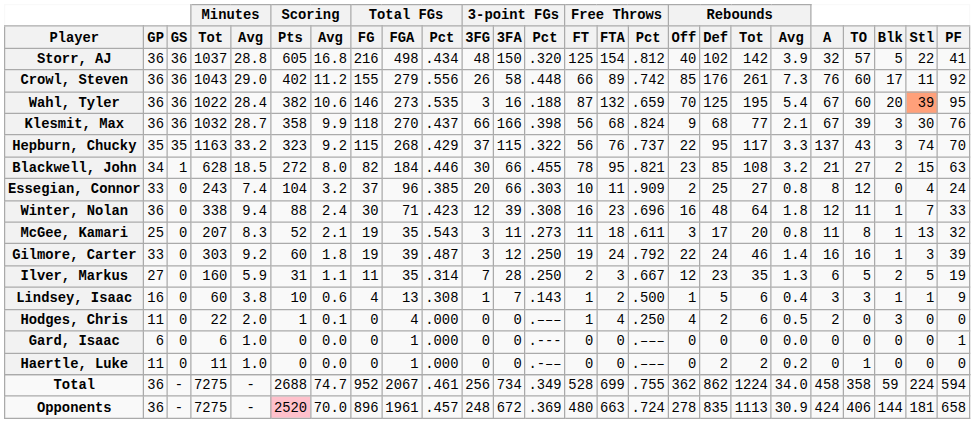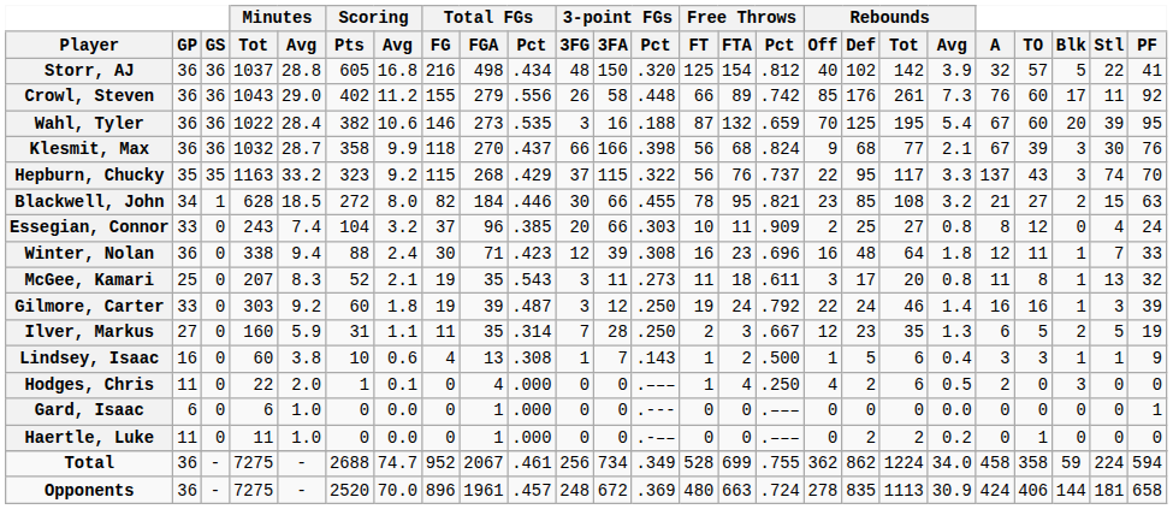 <table class="wikitable sortable" border="1" style="font-size:85%;">
 <tr>
 <th colspan="3" style="border-top-style:hidden; border-left-style:hidden; background: white;"></th>
 <th colspan="2" style=>Minutes</th>
 <th colspan="2" style=>Scoring</th>
 <th colspan="3" style=>Total FGs</th>
 <th colspan="3" style=>3-point FGs</th>
 <th colspan="3" style=>Free Throws</th>
 <th colspan="4" style=>Rebounds</th>
 <th colspan="5" style="border-top-style:hidden; border-right-style:hidden; background: white;"></th>
 </tr>
 <tr>
 <th scope="col" style=>Player</th>
 <th scope="col" style=>GP</th>
 <th scope="col" style=>GS</th>
 <th scope="col" style=>Tot</th>
 <th scope="col" style=>Avg</th>
 <th scope="col" style=>Pts</th>
 <th scope="col" style=>Avg</th>
 <th scope="col" style=>FG</th>
 <th scope="col" style=>FGA</th>
 <th scope="col" style=>Pct</th>
 <th scope="col" style=>3FG</th>
 <th scope="col" style=>3FA</th>
 <th scope="col" style=>Pct</th>
 <th scope="col" style=>FT</th>
 <th scope="col" style=>FTA</th>
 <th scope="col" style=>Pct</th>
 <th scope="col" style=>Off</th>
 <th scope="col" style=>Def</th>
 <th scope="col" style=>Tot</th>
 <th scope="col" style=>Avg</th>
 <th scope="col" style=>A</th>
 <th scope="col" style=>TO</th>
 <th scope="col" style=>Blk</th>
 <th scope="col" style=>Stl</th>
 <th scope="col" style=>PF</th>
 </tr>
 <tr>
 <th style=white-space:nowrap>Storr, AJ</th>
 <td align="right" style=>36</td>
 <td align="right" style=>36</td>
 <td align="right">1037</td>
 <td align="right">28.8</td>
 <td align="right" style=>605</td>
 <td align="right" style=>16.8</td>
 <td align="right" style=>216</td>
 <td align="right" style=>498</td>
 <td align="right">.434</td>
 <td align="right">48</td>
 <td align="right">150</td>
 <td align="right">.320</td>
 <td align="right" style=>125</td>
 <td align="right" style=>154</td>
 <td align="right">.812</td>
 <td align="right">40</td>
 <td align="right">102</td>
 <td align="right">142</td>
 <td align="right">3.9</td>
 <td align="right">32</td>
 <td align="right">57</td>
 <td align="right">5</td>
 <td align="right">22</td>
 <td align="right">41</td>
 </tr>
 <tr>
 <th style=white-space:nowrap>Crowl, Steven</th>
 <td align="right" style=>36</td>
 <td align="right" style=>36</td>
 <td align="right">1043</td>
 <td align="right">29.0</td>
 <td align="right">402</td>
 <td align="right">11.2</td>
 <td align="right">155</td>
 <td align="right">279</td>
 <td align="right" style=>.556</td>
 <td align="right">26</td>
 <td align="right">58</td>
 <td align="right">.448</td>
 <td align="right">66</td>
 <td align="right">89</td>
 <td align="right">.742</td>
 <td align="right" style=>85</td>
 <td align="right" style=>176</td>
 <td align="right" style=>261</td>
 <td align="right" style=>7.3</td>
 <td align="right">76</td>
 <td align="right" style=>60</td>
 <td align="right">17</td>
 <td align="right">11</td>
 <td align="right">92</td>
 </tr>
 <tr>
 <th style=white-space:nowrap>Wahl, Tyler</th>
 <td align="right" style=>36</td>
 <td align="right" style=>36</td>
 <td align="right">1022</td>
 <td align="right">28.4</td>
 <td align="right">382</td>
 <td align="right">10.6</td>
 <td align="right">146</td>
 <td align="right">273</td>
 <td align="right">.535</td>
 <td align="right">3</td>
 <td align="right">16</td>
 <td align="right">.188</td>
 <td align="right">87</td>
 <td align="right">132</td>
 <td align="right">.659</td>
 <td align="right">70</td>
 <td align="right">125</td>
 <td align="right">195</td>
 <td align="right">5.4</td>
 <td align="right">67</td>
 <td align="right" style=>60</td>
 <td align="right" style=>20</td>
-<td align="right" style="background: lightsalmon;">39</td>
+<td align="right">39</td>
 <td align="right" style=>95</td>
 </tr>
 <tr>
 <th style=white-space:nowrap>Klesmit, Max</th>
 <td align="right" style=>36</td>
 <td align="right" style=>36</td>
 <td align="right">1032</td>
 <td align="right">28.7</td>
 <td align="right">358</td>
 <td align="right">9.9</td>
 <td align="right">118</td>
 <td align="right">270</td>
 <td align="right">.437</td>
 <td align="right" style=>66</td>
 <td align="right" style=>166</td>
 <td align="right">.398</td>
 <td align="right">56</td>
 <td align="right">68</td>
 <td align="right">.824</td>
 <td align="right">9</td>
 <td align="right">68</td>
 <td align="right">77</td>
 <td align="right">2.1</td>
 <td align="right">67</td>
 <td align="right">39</td>
 <td align="right">3</td>
 <td align="right">30</td>
 <td align="right">76</td>
 </tr>
 <tr>
 <th style=white-space:nowrap>Hepburn, Chucky</th>
 <td align="right">35</td>
 <td align="right">35</td>
 <td align="right" style=>1163</td>
 <td align="right" style=>33.2</td>
 <td align="right">323</td>
 <td align="right">9.2</td>
 <td align="right">115</td>
 <td align="right">268</td>
 <td align="right">.429</td>
 <td align="right">37</td>
 <td align="right">115</td>
 <td align="right">.322</td>
 <td align="right">56</td>
 <td align="right">76</td>
 <td align="right">.737</td>
 <td align="right">22</td>
 <td align="right">95</td>
 <td align="right">117</td>
 <td align="right">3.3</td>
 <td align="right" style=>137</td>
 <td align="right">43</td>
 <td align="right">3</td>
 <td align="right" style=>74</td>
 <td align="right">70</td>
 </tr>
 <tr>
 <th style=white-space:nowrap>Blackwell, John</th>
 <td align="right">34</td>
 <td align="right">1</td>
 <td align="right">628</td>
 <td align="right">18.5</td>
 <td align="right">272</td>
 <td align="right">8.0</td>
 <td align="right">82</td>
 <td align="right">184</td>
 <td align="right">.446</td>
 <td align="right">30</td>
 <td align="right">66</td>
 <td align="right" style=>.455</td>
 <td align="right">78</td>
 <td align="right">95</td>
 <td align="right">.821</td>
 <td align="right">23</td>
 <td align="right">85</td>
 <td align="right">108</td>
 <td align="right">3.2</td>
 <td align="right">21</td>
 <td align="right">27</td>
 <td align="right">2</td>
 <td align="right">15</td>
 <td align="right">63</td>
 </tr>
 <tr>
 <th style=white-space:nowrap>Essegian, Connor</th>
 <td align="right">33</td>
 <td align="right">0</td>
 <td align="right">243</td>
 <td align="right">7.4</td>
 <td align="right">104</td>
 <td align="right">3.2</td>
 <td align="right">37</td>
 <td align="right">96</td>
 <td align="right">.385</td>
 <td align="right">20</td>
 <td align="right">66</td>
 <td align="right">.303</td>
 <td align="right">10</td>
 <td align="right">11</td>
 <td align="right" style=>.909</td>
 <td align="right">2</td>
 <td align="right">25</td>
 <td align="right">27</td>
 <td align="right">0.8</td>
 <td align="right">8</td>
 <td align="right">12</td>
 <td align="right">0</td>
 <td align="right">4</td>
 <td align="right">24</td>
 </tr>
 <tr>
 <th style=white-space:nowrap>Winter, Nolan</th>
 <td align="right" style=>36</td>
 <td align="right">0</td>
 <td align="right">338</td>
 <td align="right">9.4</td>
 <td align="right">88</td>
 <td align="right">2.4</td>
 <td align="right">30</td>
 <td align="right">71</td>
 <td align="right">.423</td>
 <td align="right">12</td>
 <td align="right">39</td>
 <td align="right">.308</td>
 <td align="right">16</td>
 <td align="right">23</td>
 <td align="right">.696</td>
 <td align="right">16</td>
 <td align="right">48</td>
 <td align="right">64</td>
 <td align="right">1.8</td>
 <td align="right">12</td>
 <td align="right">11</td>
 <td align="right">1</td>
 <td align="right">7</td>
 <td align="right">33</td>
 </tr>
 <tr>
 <th style=white-space:nowrap>McGee, Kamari</th>
 <td align="right">25</td>
 <td align="right">0</td>
 <td align="right">207</td>
 <td align="right">8.3</td>
 <td align="right">52</td>
 <td align="right">2.1</td>
 <td align="right">19</td>
 <td align="right">35</td>
 <td align="right">.543</td>
 <td align="right">3</td>
 <td align="right">11</td>
 <td align="right">.273</td>
 <td align="right">11</td>
 <td align="right">18</td>
 <td align="right">.611</td>
 <td align="right">3</td>
 <td align="right">17</td>
 <td align="right">20</td>
 <td align="right">0.8</td>
 <td align="right">11</td>
 <td align="right">8</td>
 <td align="right">1</td>
 <td align="right">13</td>
 <td align="right">32</td>
 </tr>
 <tr>
 <th style=white-space:nowrap>Gilmore, Carter</th>
 <td align="right">33</td>
 <td align="right">0</td>
 <td align="right">303</td>
 <td align="right">9.2</td>
 <td align="right">60</td>
 <td align="right">1.8</td>
 <td align="right">19</td>
 <td align="right">39</td>
 <td align="right">.487</td>
 <td align="right">3</td>
 <td align="right">12</td>
 <td align="right">.250</td>
 <td align="right">19</td>
 <td align="right">24</td>
 <td align="right">.792</td>
 <td align="right">22</td>
 <td align="right">24</td>
 <td align="right">46</td>
 <td align="right">1.4</td>
 <td align="right">16</td>
 <td align="right">16</td>
 <td align="right">1</td>
 <td align="right">3</td>
 <td align="right">39</td>
 </tr>
 <tr>
 <th style=white-space:nowrap>Ilver, Markus</th>
 <td align="right">27</td>
 <td align="right">0</td>
 <td align="right">160</td>
 <td align="right">5.9</td>
 <td align="right">31</td>
 <td align="right">1.1</td>
 <td align="right">11</td>
 <td align="right">35</td>
 <td align="right">.314</td>
 <td align="right">7</td>
 <td align="right">28</td>
 <td align="right">.250</td>
 <td align="right">2</td>
 <td align="right">3</td>
 <td align="right">.667</td>
 <td align="right">12</td>
 <td align="right">23</td>
 <td align="right">35</td>
 <td align="right">1.3</td>
 <td align="right">6</td>
 <td align="right">5</td>
 <td align="right">2</td>
 <td align="right">5</td>
 <td align="right">19</td>
 </tr>
 <tr>
 <th style=white-space:nowrap>Lindsey, Isaac</th>
 <td align="right">16</td>
 <td align="right">0</td>
 <td align="right">60</td>
 <td align="right">3.8</td>
 <td align="right">10</td>
 <td align="right">0.6</td>
 <td align="right">4</td>
 <td align="right">13</td>
 <td align="right">.308</td>
 <td align="right">1</td>
 <td align="right">7</td>
 <td align="right">.143</td>
 <td align="right">1</td>
 <td align="right">2</td>
 <td align="right">.500</td>
 <td align="right">1</td>
 <td align="right">5</td>
 <td align="right">6</td>
 <td align="right">0.4</td>
 <td align="right">3</td>
 <td align="right">3</td>
 <td align="right">1</td>
 <td align="right">1</td>
 <td align="right">9</td>
 </tr>
 <tr>
 <th style=white-space:nowrap>Hodges, Chris</th>
 <td align="right">11</td>
 <td align="right">0</td>
 <td align="right">22</td>
 <td align="right">2.0</td>
 <td align="right">1</td>
 <td align="right">0.1</td>
 <td align="right">0</td>
 <td align="right">4</td>
 <td align="right">.000</td>
 <td align="right">0</td>
 <td align="right">0</td>
 <td align="right">.–––</td>
 <td align="right">1</td>
 <td align="right">4</td>
 <td align="right">.250</td>
 <td align="right">4</td>
 <td align="right">2</td>
 <td align="right">6</td>
 <td align="right">0.5</td>
 <td align="right">2</td>
 <td align="right">0</td>
 <td align="right">3</td>
 <td align="right">0</td>
 <td align="right">0</td>
 </tr>
 <tr>
 <th style=white-space:nowrap>Gard, Isaac</th>
 <td align="right">6</td>
 <td align="right">0</td>
 <td align="right">6</td>
 <td align="right">1.0</td>
 <td align="right">0</td>
 <td align="right">0.0</td>
 <td align="right">0</td>
 <td align="right">1</td>
 <td align="right">.000</td>
 <td align="right">0</td>
 <td align="right">0</td>
 <td align="right">.---</td>
 <td align="right">0</td>
 <td align="right">0</td>
 <td align="right">.–––</td>
 <td align="right">0</td>
 <td align="right">0</td>
 <td align="right">0</td>
 <td align="right">0.0</td>
 <td align="right">0</td>
 <td align="right">0</td>
 <td align="right">0</td>
 <td align="right">0</td>
 <td align="right">1</td>
 </tr>
 <tr>
 <th style=white-space:nowrap>Haertle, Luke</th>
 <td align="right">11</td>
 <td align="right">0</td>
 <td align="right">11</td>
 <td align="right">1.0</td>
 <td align="right">0</td>
 <td align="right">0.0</td>
 <td align="right">0</td>
 <td align="right">1</td>
 <td align="right">.000</td>
 <td align="right">0</td>
 <td align="right">0</td>
 <td align="right">.-––</td>
 <td align="right">0</td>
 <td align="right">0</td>
 <td align="right">.–––</td>
 <td align="right">0</td>
 <td align="right">2</td>
 <td align="right">2</td>
 <td align="right">0.2</td>
 <td align="right">0</td>
 <td align="right">1</td>
 <td align="right">0</td>
 <td align="right">0</td>
 <td align="right">0</td>
 </tr>
 <tr>
 </tr>
 <tr class="sortbottom">
 <td align="center" style=><strong>Total</strong></td>
 <td align="center" style=>36</td>
 <td align="center" style=>-</td>
 <td align="center" style=>7275</td>
 <td align="center" style=>-</td>
 <td align="center" style=>2688</td>
 <td align="center" style=>74.7</td>
 <td align="center" style=>952</td>
 <td align="center" style=>2067</td>
 <td align="center" style=>.461</td>
 <td align="center" style=>256</td>
 <td align="center" style=>734</td>
 <td align="center" style=>.349</td>
 <td align="center" style=>528</td>
 <td align="center" style=>699</td>
 <td align="center" style=>.755</td>
 <td align="center" style=>362</td>
 <td align="center" style=>862</td>
 <td align="center" style=>1224</td>
 <td align="center" style=>34.0</td>
 <td align="center" style=>458</td>
 <td align="center" style=>358</td>
 <td align="center" style=>59</td>
 <td align="center" style=>224</td>
 <td align="center" style=>594</td>
 </tr>
 <tr class="sortbottom">
 <td align="center"><strong>Opponents</strong></td>
 <td align="center">36</td>
 <td align="center">-</td>
 <td align="center">7275</td>
 <td align="center">-</td>
-<td align="center" style="background: pink;">2520</td>
+<td align="center">2520</td>
 <td align="center">70.0</td>
 <td align="center">896</td>
 <td align="center">1961</td>
 <td align="center">.457</td>
 <td align="center">248</td>
 <td align="center">672</td>
 <td align="center">.369</td>
 <td align="center">480</td>
 <td align="center">663</td>
 <td align="center">.724</td>
 <td align="center">278</td>
 <td align="center">835</td>
 <td align="center">1113</td>
 <td align="center">30.9</td>
 <td align="center">424</td>
 <td align="center">406</td>
 <td align="center">144</td>
 <td align="center">181</td>
 <td align="center">658</td>
 </tr>
 </table>
